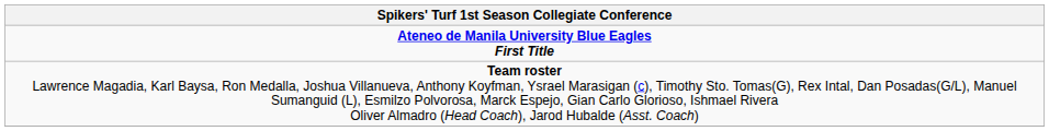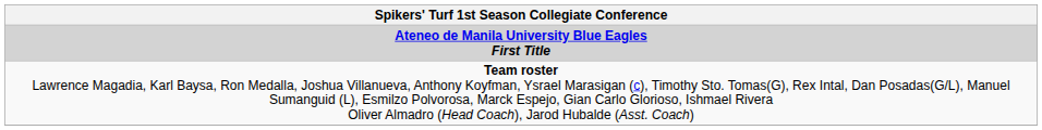 <table class=wikitable style="text-align:center; margin:auto;">
 <tr>
 <th>Spikers' Turf 1st Season Collegiate Conference</th>
 </tr>
 <tr>
-<td> <strong><a href='#'>Ateneo de Manila University Blue Eagles</a></strong><br><strong><em>First Title</em></strong><br></td>
+<td style="background: lightgrey;"> <strong><a href='#'>Ateneo de Manila University Blue Eagles</a></strong><br><strong><em>First Title</em></strong><br></td>
 </tr>
 <tr>
 <td><strong>Team roster</strong><br>Lawrence Magadia, Karl Baysa, Ron Medalla, Joshua Villanueva, Anthony Koyfman, Ysrael Marasigan (<a href='#'>c</a>), Timothy Sto. Tomas(G), Rex Intal, Dan Posadas(G/L), Manuel Sumanguid (L), Esmilzo Polvorosa, Marck Espejo, Gian Carlo Glorioso, Ishmael Rivera<br>Oliver Almadro (<em>Head Coach</em>), Jarod Hubalde (<em>Asst. Coach</em>)</td>
 </tr>
 <tr>
 </tr>
 </table>
